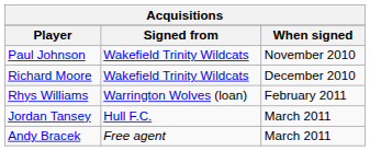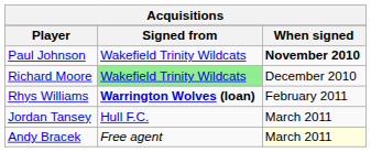 <table class="wikitable" width="65%" style="font-size:90%">
 <tr bgcolor="#efefef">
 <th colspan=11>Acquisitions</th>
 </tr>
 <tr bgcolor="#efefef">
 </tr>
 <tr>
 <th>Player</th>
 <th>Signed from</th>
 <th>When signed</th>
 </tr>
 <tr>
 <td><a href='#'>Paul Johnson</a></td>
 <td><a href='#'>Wakefield Trinity Wildcats</a></td>
-<td>November 2010</td>
+<td><strong>November 2010</strong></td>
 </tr>
 <tr>
 <td><a href='#'>Richard Moore</a></td>
-<td><a href='#'>Wakefield Trinity Wildcats</a></td>
+<td style="background: lightgreen;"><a href='#'>Wakefield Trinity Wildcats</a></td>
 <td>December 2010</td>
 </tr>
 <tr>
 <td><a href='#'>Rhys Williams</a></td>
-<td><a href='#'>Warrington Wolves</a> (loan)</td>
+<td><strong><a href='#'>Warrington Wolves</a> (loan)</strong></td>
 <td>February 2011</td>
 </tr>
 <tr>
 <td><a href='#'>Jordan Tansey</a></td>
 <td><a href='#'>Hull F.C.</a></td>
 <td>March 2011</td>
 </tr>
 <tr>
 <td><a href='#'>Andy Bracek</a></td>
 <td><em>Free agent</em></td>
-<td>March 2011</td>
+<td style="background: lightyellow;">March 2011</td>
 </tr>
 </table>
